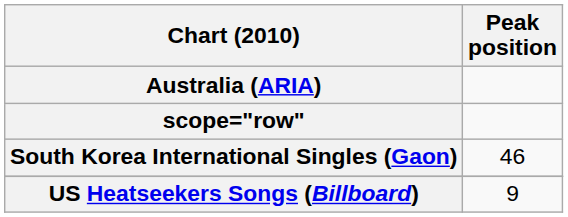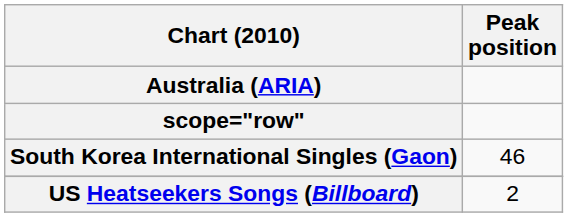 <table class="wikitable sortable plainrowheaders">
 <tr>
 <th>Chart (2010)</th>
 <th>Peak<br>position</th>
 </tr>
 <tr>
 <th scope="row">Australia (<a href='#'>ARIA</a>)</th>
 <td></td>
 </tr>
 <tr>
 <th>scope="row"</th>
 </tr>
 <tr>
 <th scope="row">South Korea International Singles (<a href='#'>Gaon</a>)</th>
 <td style="text-align:center;">46</td>
 </tr>
 <tr>
 </tr>
 <tr>
 <th scope="row">US <a href='#'>Heatseekers Songs</a> (<em><a href='#'>Billboard</a></em>)</th>
-<td align="center">9</td>
+<td align="center">2</td>
 </tr>
 </table>
